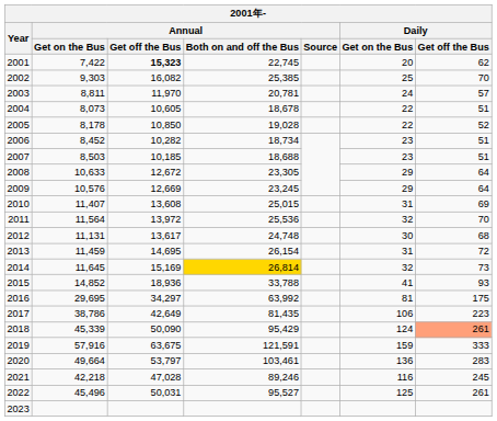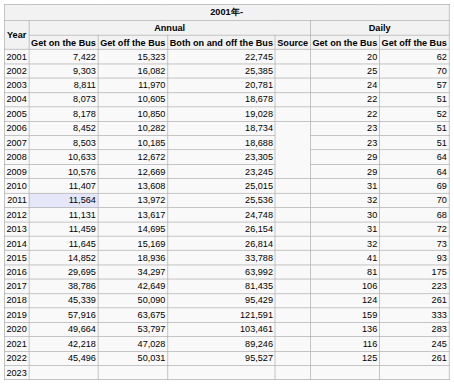 <table class="wikitable mw-collapsible" style="text-align: right; font-size:85%">
 <tr>
 <th colspan="7">2001年-</th>
 </tr>
 <tr>
 <th rowspan="2">Year</th>
 <th colspan="4">Annual</th>
 <th colspan="2">Daily</th>
 </tr>
 <tr>
 <th>Get on the Bus</th>
 <th>Get off the Bus</th>
 <th>Both on and off the Bus</th>
 <th width="1em">Source</th>
 <th>Get on the Bus</th>
 <th>Get off the Bus</th>
 </tr>
 <tr>
 <td>2001</td>
 <td>7,422</td>
-<td><strong>15,323</strong></td>
+<td>15,323</td>
 <td>22,745</td>
 <td></td>
 <td>20</td>
 <td>62</td>
 </tr>
 <tr>
 <td>2002</td>
 <td>9,303</td>
 <td>16,082</td>
 <td>25,385</td>
 <td></td>
 <td>25</td>
 <td>70</td>
 </tr>
 <tr>
 <td>2003</td>
 <td>8,811</td>
 <td>11,970</td>
 <td>20,781</td>
 <td></td>
 <td>24</td>
 <td>57</td>
 </tr>
 <tr>
 <td>2004</td>
 <td>8,073</td>
 <td>10,605</td>
 <td>18,678</td>
 <td></td>
 <td>22</td>
 <td>51</td>
 </tr>
 <tr>
 <td>2005</td>
 <td>8,178</td>
 <td>10,850</td>
 <td>19,028</td>
 <td></td>
 <td>22</td>
 <td>52</td>
 </tr>
 <tr>
 <td>2006</td>
 <td>8,452</td>
 <td>10,282</td>
 <td>18,734</td>
 <td rowspan="4"></td>
 <td>23</td>
 <td>51</td>
 </tr>
 <tr>
 <td>2007</td>
 <td>8,503</td>
 <td>10,185</td>
 <td>18,688</td>
 <td>23</td>
 <td>51</td>
 </tr>
 <tr>
 <td>2008</td>
 <td>10,633</td>
 <td>12,672</td>
 <td>23,305</td>
 <td>29</td>
 <td>64</td>
 </tr>
 <tr>
 <td>2009</td>
 <td>10,576</td>
 <td>12,669</td>
 <td>23,245</td>
 <td>29</td>
 <td>64</td>
 </tr>
 <tr>
 <td>2010</td>
 <td>11,407</td>
 <td>13,608</td>
 <td>25,015</td>
 <td></td>
 <td>31</td>
 <td>69</td>
 </tr>
 <tr>
 <td>2011</td>
-<td>11,564</td>
+<td style="background: lavender;">11,564</td>
 <td>13,972</td>
 <td>25,536</td>
 <td></td>
 <td>32</td>
 <td>70</td>
 </tr>
 <tr>
 <td>2012</td>
 <td>11,131</td>
 <td>13,617</td>
 <td>24,748</td>
 <td></td>
 <td>30</td>
 <td>68</td>
 </tr>
 <tr>
 <td>2013</td>
 <td>11,459</td>
 <td>14,695</td>
 <td>26,154</td>
 <td></td>
 <td>31</td>
 <td>72</td>
 </tr>
 <tr>
 <td>2014</td>
 <td>11,645</td>
 <td>15,169</td>
-<td style="background: gold;">26,814</td>
+<td>26,814</td>
 <td></td>
 <td>32</td>
 <td>73</td>
 </tr>
 <tr>
 <td>2015</td>
 <td>14,852</td>
 <td>18,936</td>
 <td>33,788</td>
 <td></td>
 <td>41</td>
 <td>93</td>
 </tr>
 <tr>
 <td>2016</td>
 <td>29,695</td>
 <td>34,297</td>
 <td>63,992</td>
 <td></td>
 <td>81</td>
 <td>175</td>
 </tr>
 <tr>
 <td>2017</td>
 <td>38,786</td>
 <td>42,649</td>
 <td>81,435</td>
 <td></td>
 <td>106</td>
 <td>223</td>
 </tr>
 <tr>
 <td>2018</td>
 <td>45,339</td>
 <td>50,090</td>
 <td>95,429</td>
 <td></td>
 <td>124</td>
-<td style="background: lightsalmon;">261</td>
+<td>261</td>
 </tr>
 <tr>
 <td>2019</td>
 <td>57,916</td>
 <td>63,675</td>
 <td>121,591</td>
 <td></td>
 <td>159</td>
 <td>333</td>
 </tr>
 <tr>
 <td>2020</td>
 <td>49,664</td>
 <td>53,797</td>
 <td>103,461</td>
 <td></td>
 <td>136</td>
 <td>283</td>
 </tr>
 <tr>
 <td>2021</td>
 <td>42,218</td>
 <td>47,028</td>
 <td>89,246</td>
 <td></td>
 <td>116</td>
 <td>245</td>
 </tr>
 <tr>
 <td>2022</td>
 <td>45,496</td>
 <td>50,031</td>
 <td>95,527</td>
 <td></td>
 <td>125</td>
 <td>261</td>
 </tr>
 <tr>
 <td>2023</td>
 <td></td>
 <td></td>
 <td></td>
 <td></td>
 <td></td>
 <td></td>
 </tr>
 </table>
